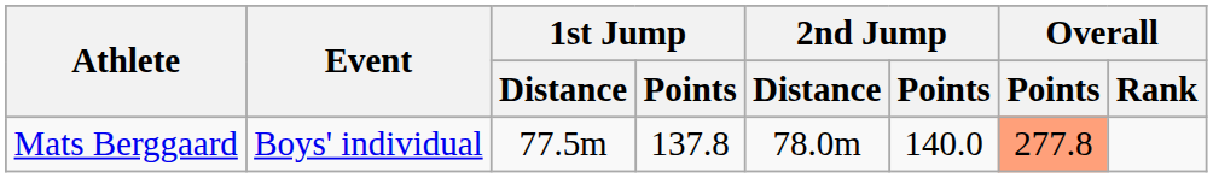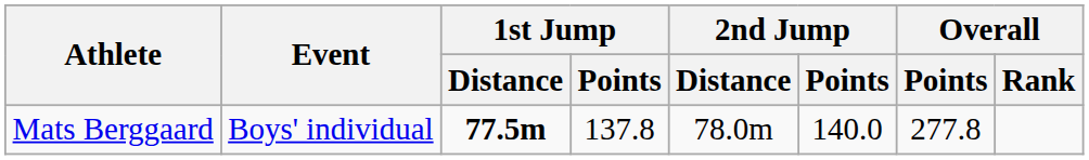 <table class="wikitable">
 <tr>
 <th rowspan="2">Athlete</th>
 <th rowspan="2">Event</th>
 <th colspan="2">1st Jump</th>
 <th colspan="2">2nd Jump</th>
 <th colspan="2">Overall</th>
 </tr>
 <tr>
 <th>Distance</th>
 <th>Points</th>
 <th>Distance</th>
 <th>Points</th>
 <th>Points</th>
 <th>Rank</th>
 </tr>
 <tr>
 <td><a href='#'>Mats Berggaard</a></td>
 <td><a href='#'>Boys' individual</a></td>
-<td align="center">77.5m</td>
+<td align="center"><strong>77.5m</strong></td>
 <td align="center">137.8</td>
 <td align="center">78.0m</td>
 <td align="center">140.0</td>
-<td align="center" style="background: lightsalmon;">277.8</td>
+<td align="center">277.8</td>
 <td align="center"></td>
 </tr>
 </table>
